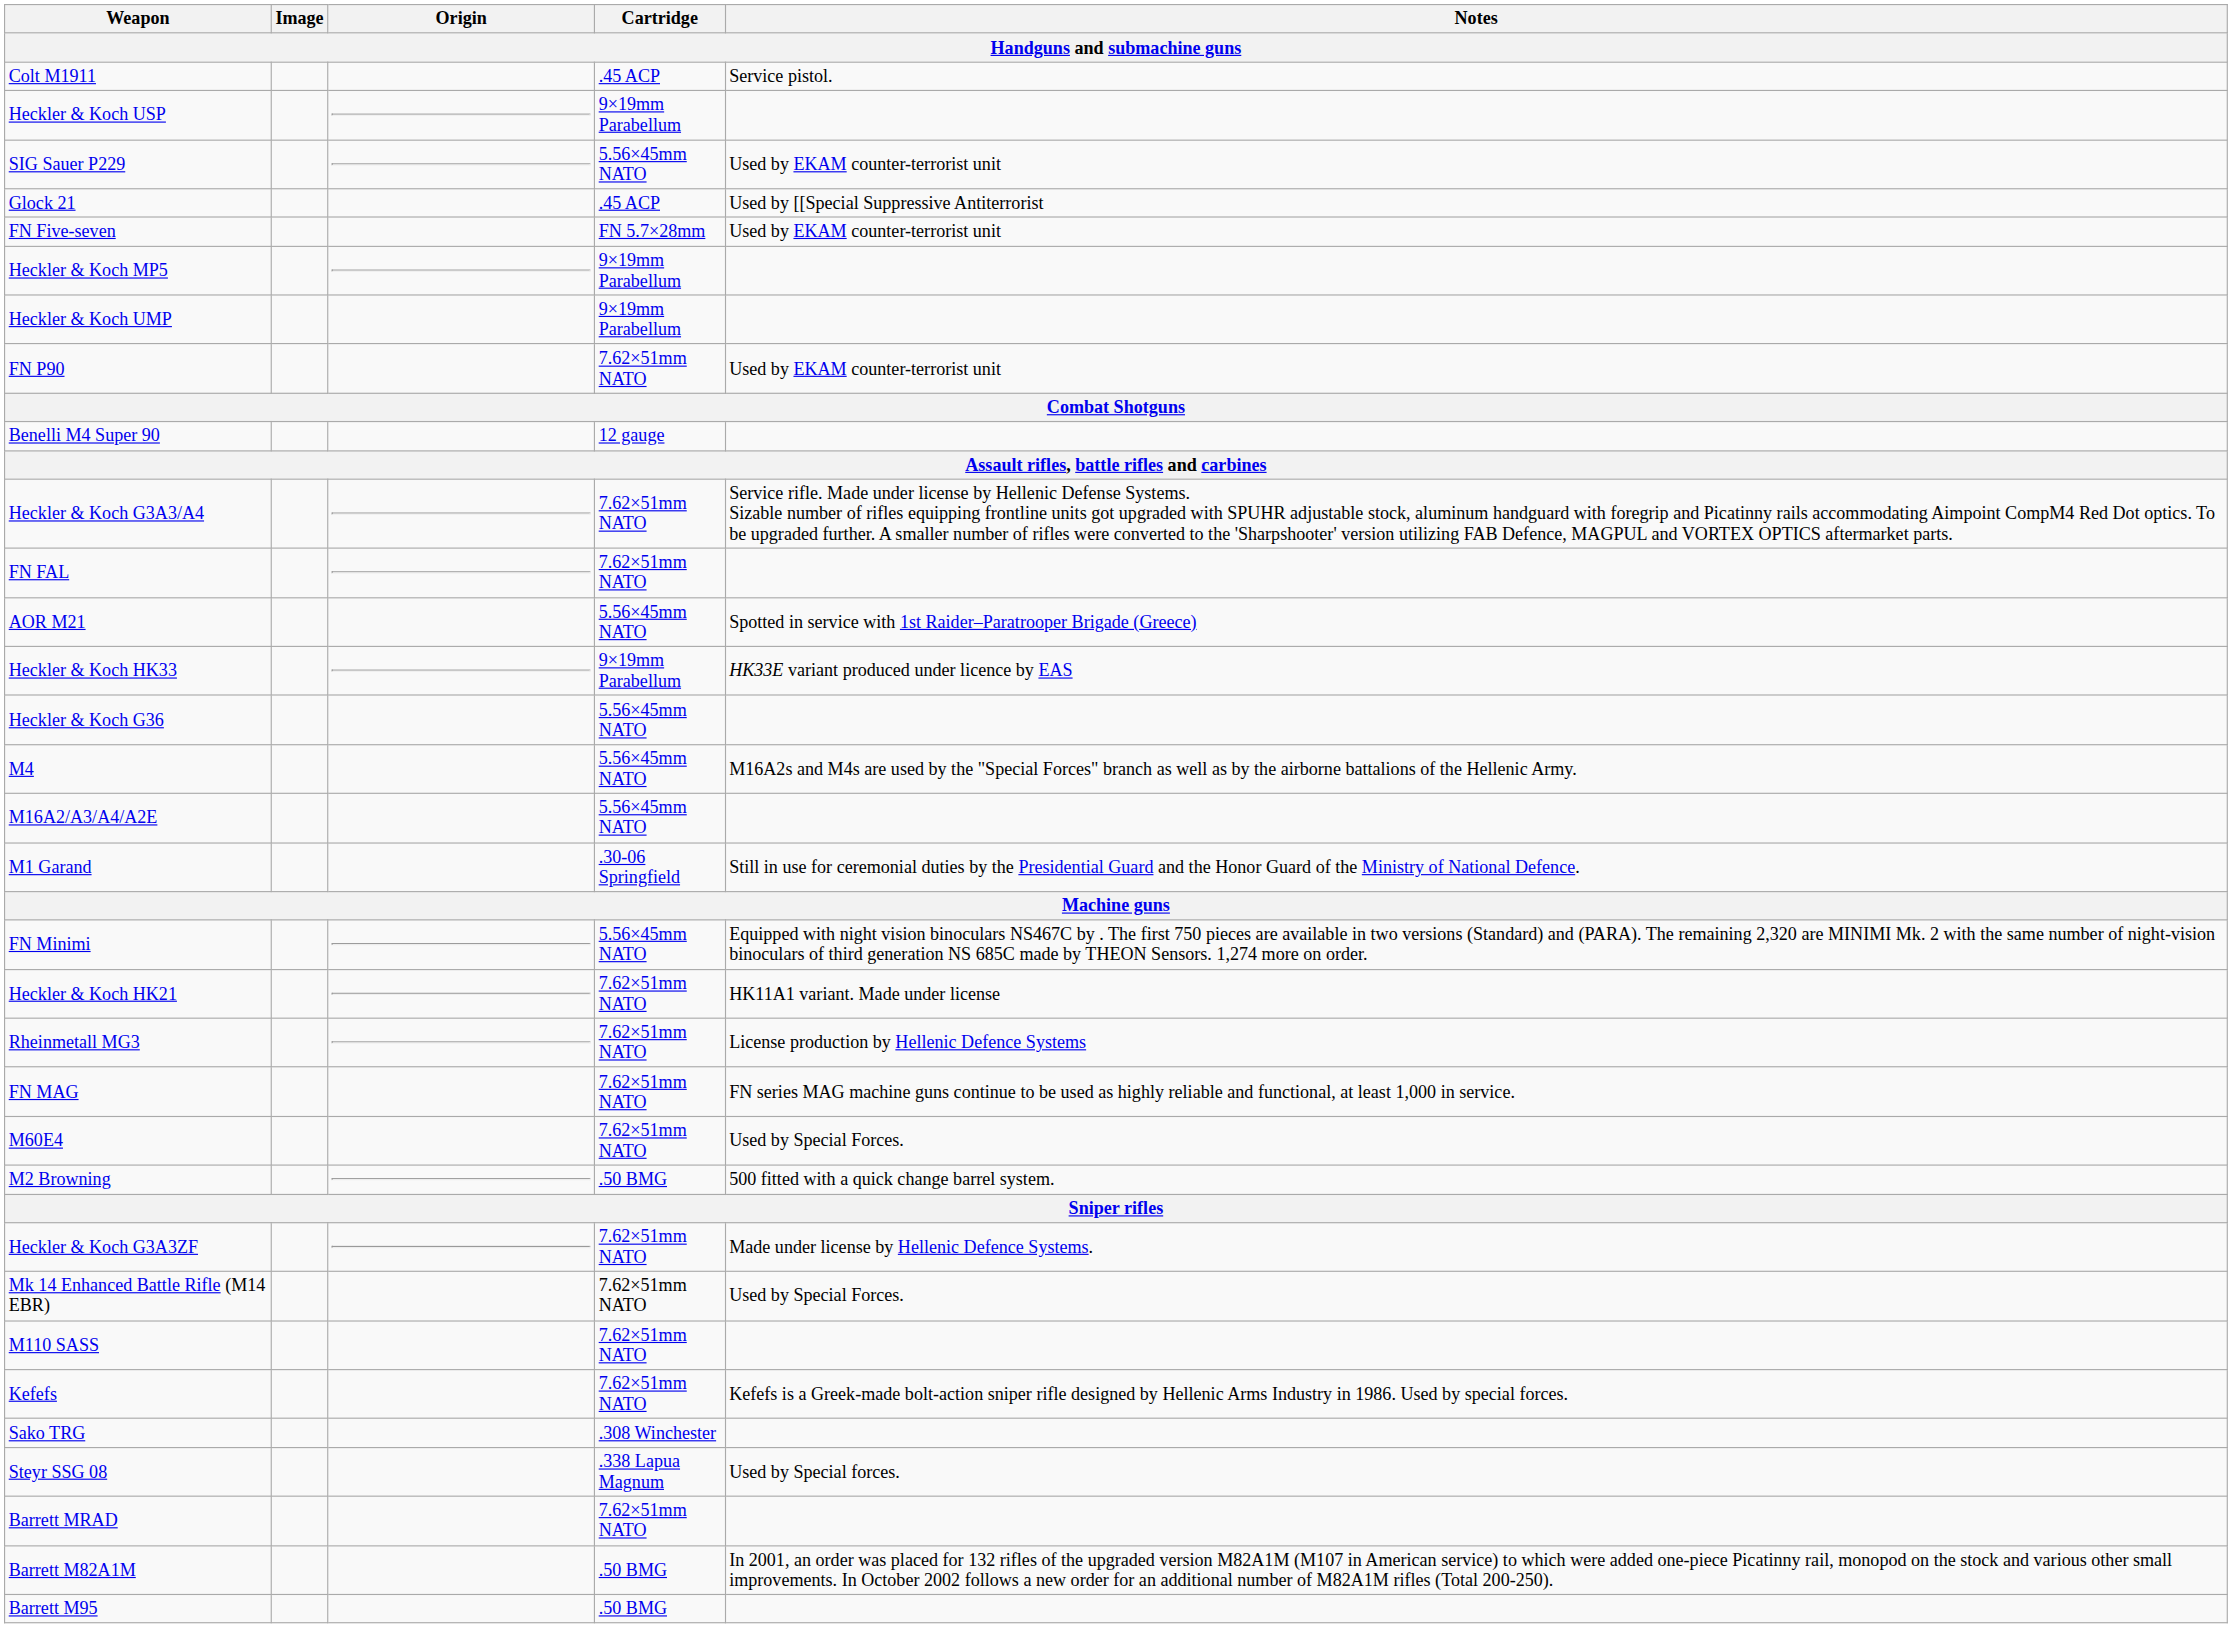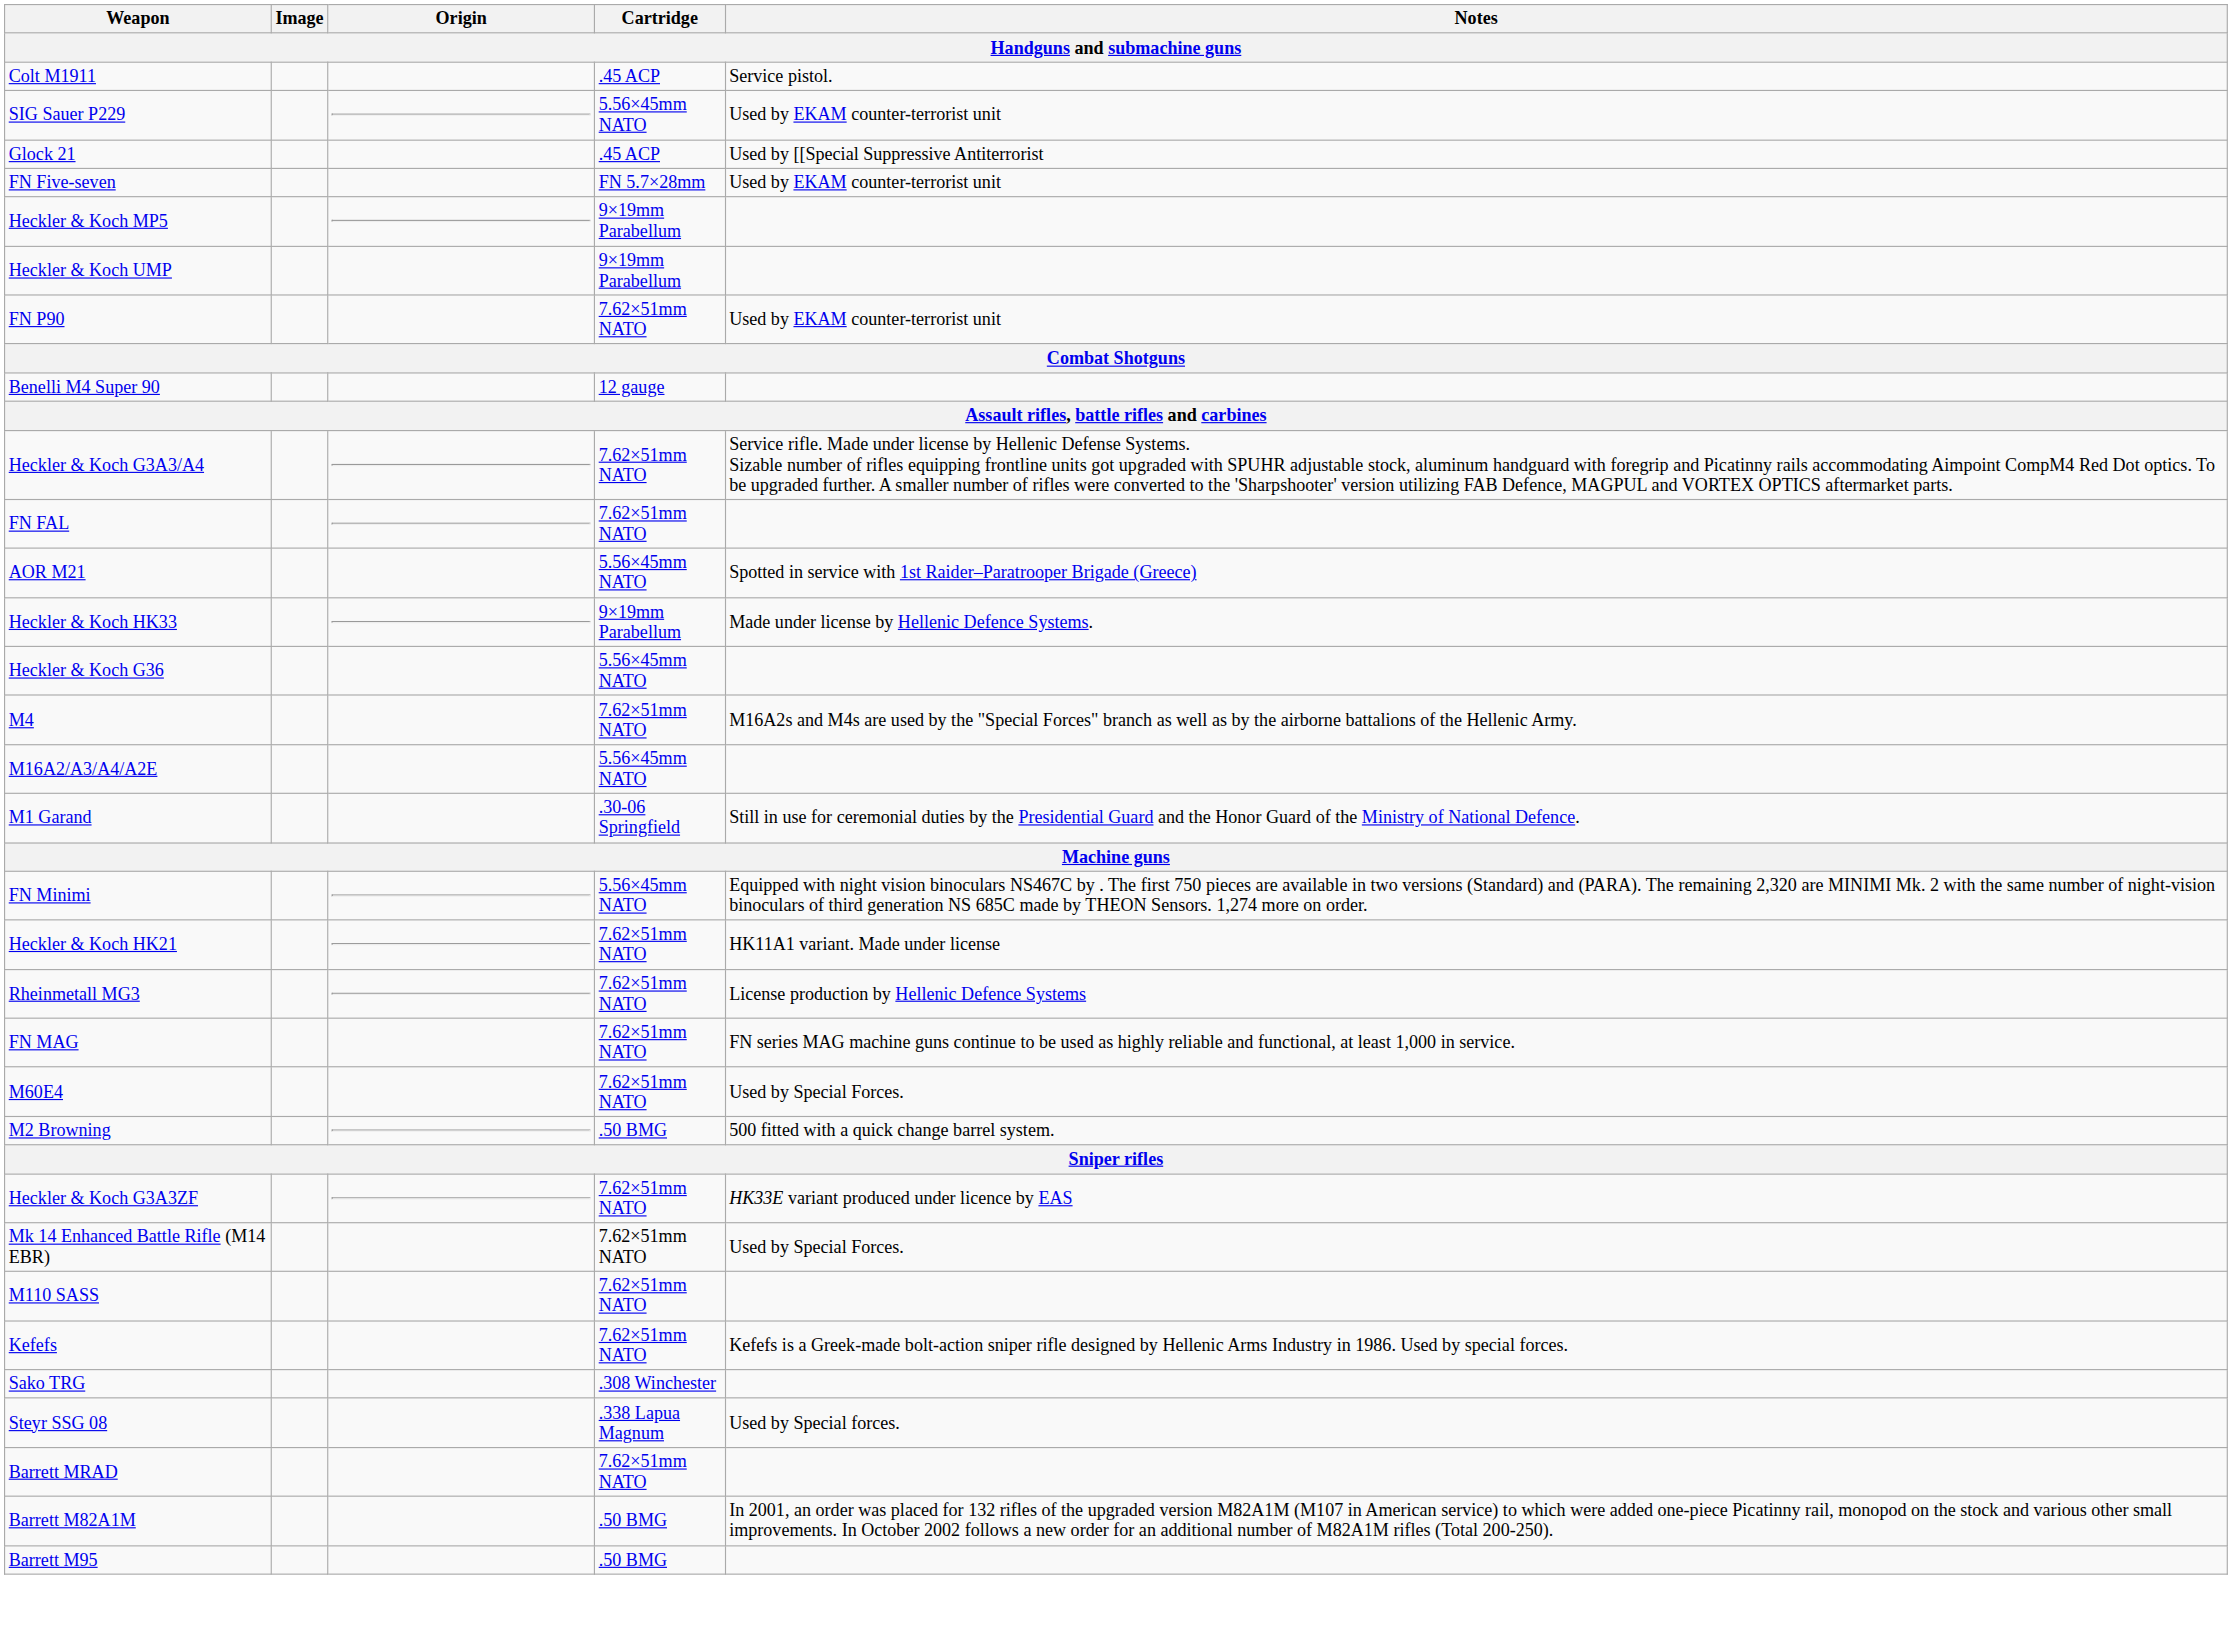 <table class="wikitable">
 <tr>
 <th>Weapon</th>
 <th>Image</th>
 <th>Origin</th>
 <th>Cartridge</th>
 <th>Notes</th>
 </tr>
 <tr>
 <th colspan="5"><a href='#'>Handguns</a> and <a href='#'>submachine guns</a></th>
 </tr>
 <tr>
 <td style="text-align:left; width:12%"><a href='#'>Colt M1911</a></td>
 <td></td>
 <td style="text-align:left; width:12%"></td>
 <td><a href='#'>.45 ACP</a></td>
 <td>Service pistol.</td>
-</tr>
-<tr>
-<td><a href='#'>Heckler & Koch USP</a></td>
-<td></td>
-<td><hr></td>
-<td><a href='#'>9×19mm Parabellum</a></td>
-<td></td>
 </tr>
 <tr>
 <td><a href='#'>SIG Sauer P229</a></td>
 <td></td>
 <td><hr></td>
 <td><a href='#'>5.56×45mm NATO</a></td>
 <td>Used by <a href='#'>EKAM</a> counter-terrorist unit </td>
 </tr>
 <tr>
 <td><a href='#'>Glock 21</a></td>
 <td></td>
 <td></td>
 <td><a href='#'>.45 ACP</a></td>
 <td>Used by [[Special Suppressive Antiterrorist<br></td>
 </tr>
 <tr>
 <td><a href='#'>FN Five-seven</a></td>
 <td></td>
 <td></td>
 <td><a href='#'>FN 5.7×28mm</a></td>
 <td>Used by <a href='#'>EKAM</a> counter-terrorist unit </td>
 </tr>
 <tr>
 <td><a href='#'>Heckler & Koch MP5</a></td>
 <td></td>
 <td><hr></td>
 <td><a href='#'>9×19mm Parabellum</a></td>
 <td></td>
 </tr>
 <tr>
 <td><a href='#'>Heckler & Koch UMP</a></td>
 <td></td>
 <td></td>
 <td><a href='#'>9×19mm Parabellum</a></td>
 <td></td>
 </tr>
 <tr>
 <td><a href='#'>FN P90</a></td>
 <td></td>
 <td></td>
 <td><a href='#'>7.62×51mm NATO</a></td>
 <td>Used by <a href='#'>EKAM</a> counter-terrorist unit </td>
 </tr>
 <tr>
 <th colspan="5"><a href='#'>Combat Shotguns</a></th>
 </tr>
 <tr>
 <td><a href='#'>Benelli M4 Super 90</a></td>
 <td></td>
 <td></td>
 <td><a href='#'>12 gauge</a></td>
 <td></td>
 </tr>
 <tr>
 <th colspan="5"><a href='#'>Assault rifles</a>, <a href='#'>battle rifles</a> and <a href='#'>carbines</a></th>
 </tr>
 <tr>
 <td><a href='#'>Heckler & Koch G3A3/A4</a></td>
 <td></td>
 <td><hr></td>
 <td><a href='#'>7.62×51mm NATO</a></td>
 <td>Service rifle. Made under license by Hellenic Defense Systems.<br>Sizable number of rifles equipping frontline units got upgraded with SPUHR adjustable stock, aluminum handguard with foregrip and Picatinny rails accommodating Aimpoint CompM4 Red Dot optics. To be upgraded further. A smaller number of rifles were converted to the 'Sharpshooter' version utilizing FAB Defence, MAGPUL and VORTEX OPTICS aftermarket parts.</td>
 </tr>
 <tr>
 <td><a href='#'>FN FAL</a></td>
 <td></td>
 <td><hr></td>
 <td><a href='#'>7.62×51mm NATO</a></td>
 <td></td>
 </tr>
 <tr>
 <td><a href='#'>AOR M21</a></td>
 <td></td>
 <td></td>
 <td><a href='#'>5.56×45mm NATO</a></td>
 <td>Spotted in service with <a href='#'>1st Raider–Paratrooper Brigade (Greece)</a></td>
 </tr>
 <tr>
 <td><a href='#'>Heckler & Koch HK33</a></td>
 <td></td>
 <td><hr></td>
 <td><a href='#'>9×19mm Parabellum</a></td>
-<td><em>HK33E</em> variant produced under licence by <a href='#'>EAS</a></td>
+<td>Made under license by <a href='#'>Hellenic Defence Systems</a>.</td>
 </tr>
 <tr>
 <td><a href='#'>Heckler & Koch G36</a></td>
 <td></td>
 <td></td>
 <td><a href='#'>5.56×45mm NATO</a></td>
 <td></td>
 </tr>
 <tr>
 <td><a href='#'>M4</a></td>
 <td></td>
 <td></td>
-<td><a href='#'>5.56×45mm NATO</a></td>
+<td><a href='#'>7.62×51mm NATO</a></td>
 <td>M16A2s and M4s are used by the "Special Forces" branch as well as by the airborne battalions of the Hellenic Army.</td>
 </tr>
 <tr>
 <td><a href='#'>M16A2/A3/A4/A2E</a></td>
 <td></td>
 <td></td>
 <td><a href='#'>5.56×45mm NATO</a></td>
 <td></td>
 </tr>
 <tr>
 <td><a href='#'>M1 Garand</a></td>
 <td></td>
 <td></td>
 <td><a href='#'>.30-06 Springfield</a></td>
 <td>Still in use for ceremonial duties by the <a href='#'>Presidential Guard</a> and the Honor Guard of the <a href='#'>Ministry of National Defence</a>.</td>
 </tr>
 <tr>
 <th colspan="5"><a href='#'>Machine guns</a></th>
 </tr>
 <tr>
 <td><a href='#'>FN Minimi</a></td>
 <td></td>
 <td><hr></td>
 <td><a href='#'>5.56×45mm NATO</a></td>
 <td>Equipped with night vision binoculars NS467C by . The first 750 pieces are available in two versions (Standard) and (PARA). The remaining 2,320 are MINIMI Mk. 2 with the same number of night-vision binoculars of third generation NS 685C made by THEON Sensors. 1,274 more on order.</td>
 </tr>
 <tr>
 <td><a href='#'>Heckler & Koch HK21</a></td>
 <td></td>
 <td><hr></td>
 <td><a href='#'>7.62×51mm NATO</a></td>
 <td>HK11A1 variant. Made under license</td>
 </tr>
 <tr>
 <td><a href='#'>Rheinmetall MG3</a></td>
 <td></td>
 <td><hr></td>
 <td><a href='#'>7.62×51mm NATO</a></td>
 <td>License production by <a href='#'>Hellenic Defence Systems</a></td>
 </tr>
 <tr>
 <td><a href='#'>FN MAG</a></td>
 <td></td>
 <td></td>
 <td><a href='#'>7.62×51mm NATO</a></td>
 <td>FN series MAG machine guns continue to be used as highly reliable and functional, at least 1,000 in service.</td>
 </tr>
 <tr>
 <td><a href='#'>M60E4</a></td>
 <td></td>
 <td></td>
 <td><a href='#'>7.62×51mm NATO</a></td>
 <td>Used by Special Forces.</td>
 </tr>
 <tr>
 <td><a href='#'>M2 Browning</a></td>
 <td></td>
 <td><hr></td>
 <td><a href='#'>.50 BMG</a></td>
 <td>500 fitted with a quick change barrel system.</td>
 </tr>
 <tr>
 <th colspan="5"><a href='#'>Sniper rifles</a></th>
 </tr>
 <tr>
 <td><a href='#'>Heckler & Koch G3A3ZF</a></td>
 <td></td>
 <td><hr></td>
 <td><a href='#'>7.62×51mm NATO</a></td>
-<td>Made under license by <a href='#'>Hellenic Defence Systems</a>.</td>
+<td><em>HK33E</em> variant produced under licence by <a href='#'>EAS</a></td>
 </tr>
 <tr>
 <td><a href='#'>Mk 14 Enhanced Battle Rifle</a> (M14 EBR)</td>
 <td></td>
 <td></td>
 <td>7.62×51mm NATO</td>
 <td>Used by Special Forces.</td>
 </tr>
 <tr>
 <td><a href='#'>M110 SASS</a></td>
 <td></td>
 <td></td>
 <td><a href='#'>7.62×51mm NATO</a></td>
 <td></td>
 </tr>
 <tr>
 <td><a href='#'>Kefefs</a></td>
 <td></td>
 <td></td>
 <td><a href='#'>7.62×51mm NATO</a></td>
 <td>Kefefs is a Greek-made bolt-action sniper rifle designed by Hellenic Arms Industry in 1986. Used by special forces.</td>
 </tr>
 <tr>
 <td><a href='#'>Sako TRG</a></td>
 <td></td>
 <td></td>
 <td><a href='#'>.308 Winchester</a></td>
 <td></td>
 </tr>
 <tr>
 <td><a href='#'>Steyr SSG 08</a></td>
 <td></td>
 <td></td>
 <td><a href='#'>.338 Lapua Magnum</a></td>
 <td>Used by Special forces.</td>
 </tr>
 <tr>
 <td><a href='#'>Barrett MRAD</a></td>
 <td></td>
 <td></td>
 <td><a href='#'>7.62×51mm NATO</a></td>
 <td></td>
 </tr>
 <tr>
 <td><a href='#'>Barrett M82A1M</a></td>
 <td></td>
 <td></td>
 <td><a href='#'>.50 BMG</a></td>
 <td>In 2001, an order was placed for 132 rifles of the upgraded version M82A1M (M107 in American service) to which were added one-piece Picatinny rail, monopod on the stock and various other small improvements. In October 2002 follows a new order for an additional number of M82A1M rifles (Total 200-250).</td>
 </tr>
 <tr>
 <td><a href='#'>Barrett M95</a></td>
 <td></td>
 <td></td>
 <td><a href='#'>.50 BMG</a></td>
 <td></td>
 </tr>
 </table>
